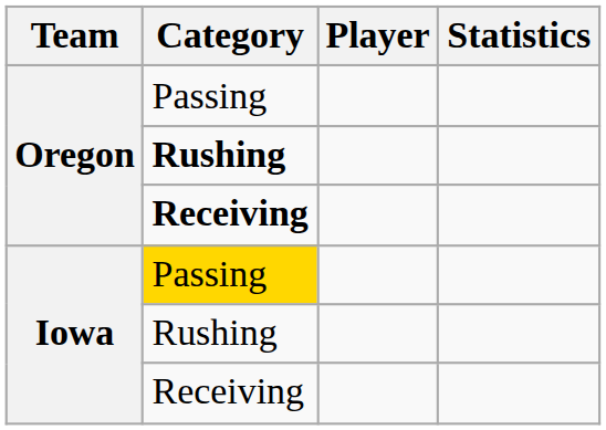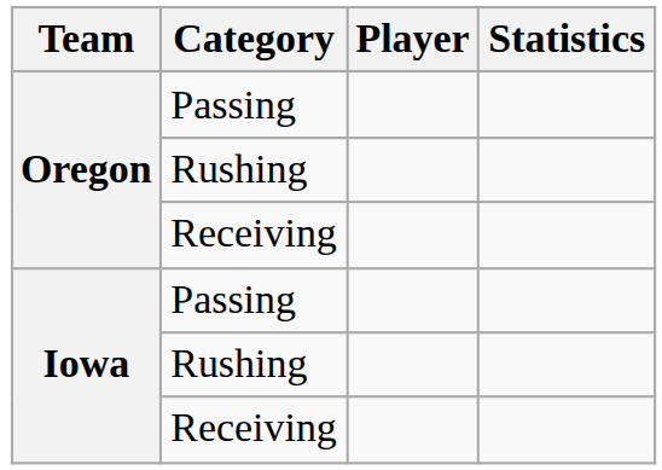 <table class="wikitable" style="float:right">
 <tr>
 <th>Team</th>
 <th>Category</th>
 <th>Player</th>
 <th>Statistics</th>
 </tr>
 <tr>
 <th rowspan=3>Oregon</th>
 <td>Passing</td>
 <td></td>
 <td></td>
 </tr>
 <tr>
-<td><strong>Rushing</strong></td>
+<td>Rushing</td>
 <td></td>
 <td></td>
 </tr>
 <tr>
-<td><strong>Receiving</strong></td>
+<td>Receiving</td>
 <td></td>
 <td></td>
 </tr>
 <tr>
 <th rowspan=3>Iowa</th>
-<td style="background: gold;">Passing</td>
+<td>Passing</td>
 <td></td>
 <td></td>
 </tr>
 <tr>
 <td>Rushing</td>
 <td></td>
 <td></td>
 </tr>
 <tr>
 <td>Receiving</td>
 <td></td>
 <td></td>
 </tr>
 </table>
